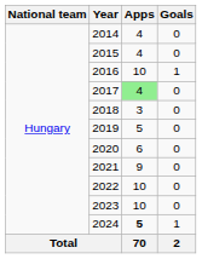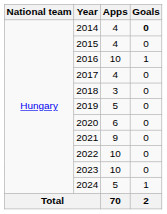 <table class="wikitable" style="text-align:center">
 <tr>
 <th>National team</th>
 <th>Year</th>
 <th>Apps</th>
 <th>Goals</th>
 </tr>
 <tr>
 <td rowspan="11"><a href='#'>Hungary</a></td>
 <td>2014</td>
 <td>4</td>
-<td>0</td>
+<td><strong>0</strong></td>
 </tr>
 <tr>
 <td>2015</td>
 <td>4</td>
 <td>0</td>
 </tr>
 <tr>
 <td>2016</td>
 <td>10</td>
 <td>1</td>
 </tr>
 <tr>
 <td>2017</td>
-<td style="background: lightgreen;">4</td>
+<td>4</td>
 <td>0</td>
 </tr>
 <tr>
 <td>2018</td>
 <td>3</td>
 <td>0</td>
 </tr>
 <tr>
 <td>2019</td>
 <td>5</td>
 <td>0</td>
 </tr>
 <tr>
 <td>2020</td>
 <td>6</td>
 <td>0</td>
 </tr>
 <tr>
 <td>2021</td>
 <td>9</td>
 <td>0</td>
 </tr>
 <tr>
 <td>2022</td>
 <td>10</td>
 <td>0</td>
 </tr>
 <tr>
 <td>2023</td>
 <td>10</td>
 <td>0</td>
 </tr>
 <tr>
 <td>2024</td>
-<td><strong>5</strong></td>
+<td>5</td>
 <td>1</td>
 </tr>
 <tr>
 <th colspan="2">Total</th>
 <th>70</th>
 <th>2</th>
 </tr>
 </table>
